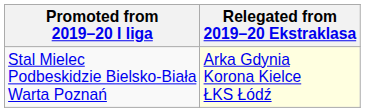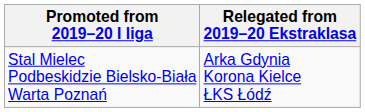 <table class="wikitable">
 <tr>
 <th>Promoted from<br><a href='#'>2019–20 I liga</a></th>
 <th>Relegated from<br><a href='#'>2019–20 Ekstraklasa</a></th>
 </tr>
 <tr>
 <td> <a href='#'>Stal Mielec</a> <br> <a href='#'>Podbeskidzie Bielsko-Biała</a> <br> <a href='#'>Warta Poznań</a> </td>
-<td style="background: lightyellow;"> <a href='#'>Arka Gdynia</a> <br> <a href='#'>Korona Kielce</a> <br> <a href='#'>ŁKS Łódź</a> </td>
+<td> <a href='#'>Arka Gdynia</a> <br> <a href='#'>Korona Kielce</a> <br> <a href='#'>ŁKS Łódź</a> </td>
 </tr>
 </table>
